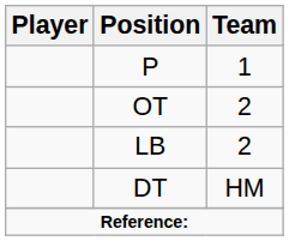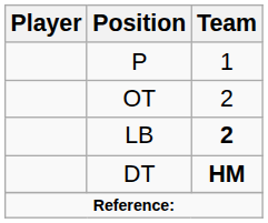 <table class="wikitable sortable sortable" style="text-align: center">
 <tr align=center>
 <th>Player</th>
 <th>Position</th>
 <th>Team</th>
 </tr>
 <tr>
 <td></td>
 <td>P</td>
 <td>1</td>
 </tr>
 <tr>
 <td></td>
 <td>OT</td>
 <td>2</td>
 </tr>
 <tr>
 <td></td>
 <td>LB</td>
-<td>2</td>
+<td><strong>2</strong></td>
 </tr>
 <tr>
 <td></td>
 <td>DT</td>
-<td>HM</td>
+<td><strong>HM</strong></td>
 </tr>
 <tr>
 </tr>
 <tr class="sortbottom">
 <td colspan="4"  style="font-size:8pt; text-align:center;"><strong>Reference:</strong></td>
 </tr>
 </table>
